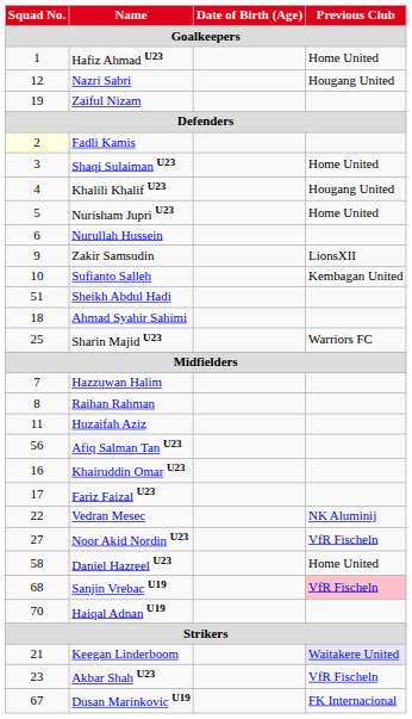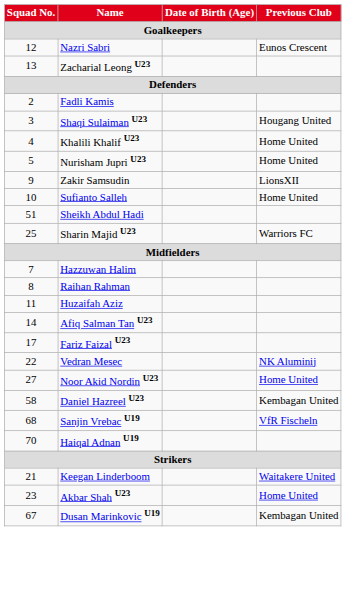 <table class="wikitable" font-size:100%; width:70%;">
 <tr>
 <th style="background:#e1001a; color:white; text-align:center;">Squad No.</th>
 <th style="background:#e1001a; color:white; text-align:center;">Name</th>
 <th style="background:#e1001a; color:white; text-align:center;">Date of Birth (Age)</th>
 <th style="background:#e1001a; color:white; text-align:center;">Previous Club</th>
 </tr>
 <tr>
 <th colspan="4" style="background:#dcdcdc; text-align:center">Goalkeepers</th>
 </tr>
 <tr>
-<td style="text-align:center;">1</td>
-<td>Hafiz Ahmad <sup><strong>U23</strong></sup></td>
-<td style="text-align:center;"></td>
-<td>Home United</td>
-</tr>
-<tr>
 <td style="text-align:center;">12</td>
 <td><a href='#'>Nazri Sabri</a></td>
 <td style="text-align:center;"></td>
-<td>Hougang United</td>
+<td>Eunos Crescent</td>
 </tr>
 <tr>
-<td style="text-align:center;">19</td>
-<td><a href='#'>Zaiful Nizam</a></td>
+<td style="text-align:center;">13</td>
+<td>Zacharial Leong <sup><strong>U23</strong></sup></td>
 <td style="text-align:center;"></td>
 <td></td>
 </tr>
 <tr>
 <th colspan="4" style="background:#dcdcdc; text-align:center">Defenders</th>
 </tr>
 <tr>
-<td style="background: lightyellow; text-align:center;">2</td>
+<td style="text-align:center;">2</td>
 <td><a href='#'>Fadli Kamis</a></td>
 <td style="text-align:center;"></td>
 <td></td>
 </tr>
 <tr>
 <td style="text-align:center;">3</td>
 <td><a href='#'>Shaqi Sulaiman</a> <sup><strong>U23</strong></sup></td>
 <td style="text-align:center;"></td>
-<td>Home United</td>
+<td>Hougang United</td>
 </tr>
 <tr>
 <td style="text-align:center;">4</td>
 <td>Khalili Khalif <sup><strong>U23</strong></sup></td>
 <td style="text-align:center;"></td>
-<td>Hougang United</td>
+<td>Home United</td>
 </tr>
 <tr>
 <td style="text-align:center;">5</td>
 <td>Nurisham Jupri <sup><strong>U23</strong></sup></td>
 <td style="text-align:center;"></td>
 <td>Home United</td>
-</tr>
-<tr>
-<td style="text-align:center;">6</td>
-<td><a href='#'>Nurullah Hussein</a></td>
-<td style="text-align:center;"></td>
-<td></td>
 </tr>
 <tr>
 <td style="text-align:center;">9</td>
 <td>Zakir Samsudin</td>
 <td style="text-align:center;"></td>
 <td>LionsXII</td>
 </tr>
 <tr>
 <td style="text-align:center;">10</td>
 <td><a href='#'>Sufianto Salleh</a></td>
 <td style="text-align:center;"></td>
-<td>Kembagan United</td>
+<td>Home United</td>
 </tr>
 <tr>
 <td style="text-align:center;">51</td>
 <td><a href='#'>Sheikh Abdul Hadi</a></td>
-<td style="text-align:center;"></td>
-<td></td>
-</tr>
-<tr>
-<td style="text-align:center;">18</td>
-<td><a href='#'>Ahmad Syahir Sahimi</a></td>
 <td style="text-align:center;"></td>
 <td></td>
 </tr>
 <tr>
 <td style="text-align:center;">25</td>
 <td>Sharin Majid <sup><strong>U23</strong></sup></td>
 <td style="text-align:center;"></td>
 <td>Warriors FC</td>
 </tr>
 <tr>
 <th colspan="4" style="background:#dcdcdc; text-align:center">Midfielders</th>
 </tr>
 <tr>
 <td style="text-align:center;">7</td>
 <td><a href='#'>Hazzuwan Halim</a></td>
 <td style="text-align:center;"></td>
 <td></td>
 </tr>
 <tr>
 <td style="text-align:center;">8</td>
 <td><a href='#'>Raihan Rahman</a></td>
 <td style="text-align:center;"></td>
 <td></td>
 </tr>
 <tr>
 <td style="text-align:center;">11</td>
 <td><a href='#'>Huzaifah Aziz</a></td>
 <td style="text-align:center;"></td>
 <td></td>
 </tr>
 <tr>
-<td style="text-align:center;">56</td>
+<td style="text-align:center;">14</td>
 <td><a href='#'>Afiq Salman Tan</a> <sup><strong>U23</strong></sup></td>
-<td style="text-align:center;"></td>
-<td></td>
-</tr>
-<tr>
-<td style="text-align:center;">16</td>
-<td><a href='#'>Khairuddin Omar</a> <sup><strong>U23</strong></sup></td>
 <td style="text-align:center;"></td>
 <td></td>
 </tr>
 <tr>
 <td style="text-align:center;">17</td>
 <td><a href='#'>Fariz Faizal</a> <sup><strong>U23</strong></sup></td>
 <td style="text-align:center;"></td>
 <td></td>
 </tr>
 <tr>
 <td style="text-align:center;">22</td>
 <td> <a href='#'>Vedran Mesec</a></td>
 <td style="text-align:center;"></td>
 <td> <a href='#'>NK Aluminij</a></td>
 </tr>
 <tr>
 <td style="text-align:center;">27</td>
 <td><a href='#'>Noor Akid Nordin</a> <sup><strong>U23</strong></sup></td>
 <td style="text-align:center;"></td>
-<td> <a href='#'>VfR Fischeln</a></td>
+<td><a href='#'>Home United</a></td>
 </tr>
 <tr>
 <td style="text-align:center;">58</td>
 <td><a href='#'>Daniel Hazreel</a> <sup><strong>U23</strong></sup></td>
 <td style="text-align:center;"></td>
-<td>Home United</td>
+<td>Kembagan United</td>
 </tr>
 <tr>
 <td style="text-align:center;">68</td>
 <td> <a href='#'>Sanjin Vrebac</a> <sup><strong>U19</strong></sup></td>
 <td style="text-align:center;"></td>
-<td style="background: pink;"> <a href='#'>VfR Fischeln</a></td>
+<td> <a href='#'>VfR Fischeln</a></td>
 </tr>
 <tr>
 <td style="text-align:center;">70</td>
 <td><a href='#'>Haiqal Adnan</a> <sup><strong>U19</strong></sup></td>
 <td style="text-align:center;"></td>
 <td></td>
 </tr>
 <tr>
 <th colspan="4" style="background:#dcdcdc; text-align:center">Strikers</th>
 </tr>
 <tr>
 <td style="text-align:center;">21</td>
 <td> <a href='#'>Keegan Linderboom</a></td>
 <td style="text-align:center;"></td>
-<td style="background: lavender;"> <a href='#'>Waitakere United</a></td>
+<td> <a href='#'>Waitakere United</a></td>
 </tr>
 <tr>
 <td style="text-align:center;">23</td>
 <td><a href='#'>Akbar Shah</a> <sup><strong>U23</strong></sup></td>
 <td style="text-align:center;"></td>
-<td> <a href='#'>VfR Fischeln</a></td>
+<td><a href='#'>Home United</a></td>
 </tr>
 <tr>
 <td style="text-align:center;">67</td>
 <td> <a href='#'>Dusan Marinkovic</a> <sup><strong>U19</strong></sup></td>
 <td style="text-align:center;"></td>
-<td> <a href='#'>FK Internacional</a></td>
+<td>Kembagan United</td>
 </tr>
 </table>
